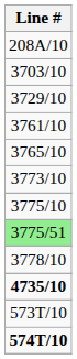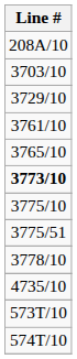 <table class="wikitable">
 <tr>
 <th align="center">Line #</th>
 </tr>
 <tr>
 </tr>
 <tr>
 <td align="center">208A/10</td>
 </tr>
 <tr>
 </tr>
 <tr>
 <td align="center">3703/10</td>
 </tr>
 <tr>
 </tr>
 <tr>
 <td align="center">3729/10</td>
 </tr>
 <tr>
 <td align="center">3761/10</td>
 </tr>
 <tr>
 <td align="center">3765/10</td>
 </tr>
 <tr>
-<td align="center">3773/10</td>
+<td align="center"><strong>3773/10</strong></td>
 </tr>
 <tr>
 </tr>
 <tr>
 <td align="center">3775/10</td>
 </tr>
 <tr>
 </tr>
 <tr>
-<td align="center" style="background: lightgreen;">3775/51</td>
+<td align="center">3775/51</td>
 </tr>
 <tr>
 </tr>
 <tr>
 <td align="center">3778/10</td>
 </tr>
 <tr>
 </tr>
 <tr>
-<td align="center"><strong>4735/10</strong></td>
+<td align="center">4735/10</td>
 </tr>
 <tr>
 </tr>
 <tr>
 <td align="center">573T/10</td>
 </tr>
 <tr>
-<td align="center"><strong>574T/10</strong></td>
+<td align="center">574T/10</td>
 </tr>
 <tr>
 </tr>
 </table>
